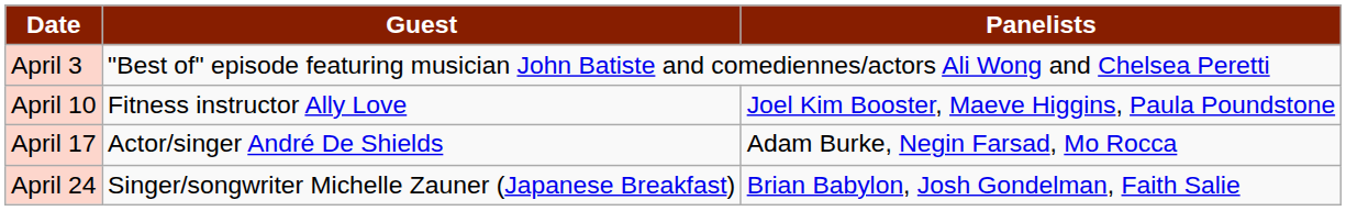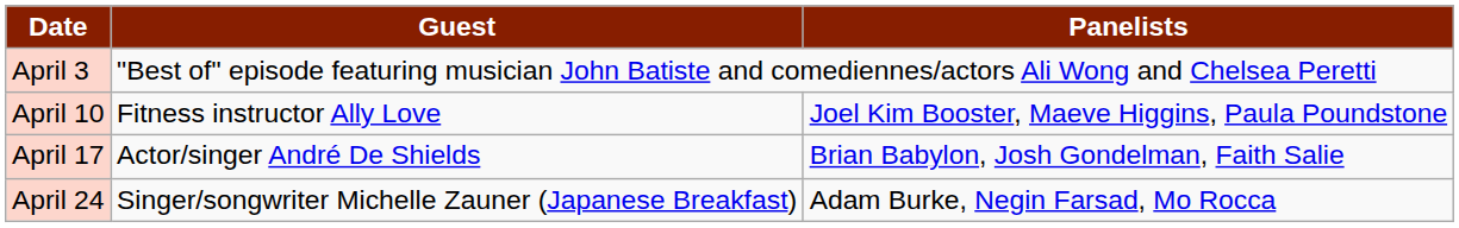 <table class="wikitable">
 <tr>
 <th style="background:#871E00;color:#FFFFFF;">Date</th>
 <th style="background:#871E00;color:#FFFFFF;">Guest</th>
 <th style="background:#871E00;color:#FFFFFF;">Panelists</th>
 </tr>
 <tr>
 <td style="background:#FDD6CC;color:#000000;">April 3</td>
 <td colspan=2>"Best of" episode featuring musician <a href='#'>John Batiste</a> and comediennes/actors <a href='#'>Ali Wong</a> and <a href='#'>Chelsea Peretti</a></td>
 </tr>
 <tr>
 <td style="background:#FDD6CC;color:#000000;">April 10</td>
 <td>Fitness instructor <a href='#'>Ally Love</a></td>
 <td><a href='#'>Joel Kim Booster</a>, <a href='#'>Maeve Higgins</a>, <a href='#'>Paula Poundstone</a></td>
 </tr>
 <tr>
 <td style="background:#FDD6CC;color:#000000;">April 17</td>
 <td>Actor/singer <a href='#'>André De Shields</a></td>
-<td>Adam Burke, <a href='#'>Negin Farsad</a>, <a href='#'>Mo Rocca</a></td>
+<td><a href='#'>Brian Babylon</a>, <a href='#'>Josh Gondelman</a>, <a href='#'>Faith Salie</a></td>
 </tr>
 <tr>
 <td style="background:#FDD6CC;color:#000000;">April 24</td>
 <td>Singer/songwriter Michelle Zauner (<a href='#'>Japanese Breakfast</a>)</td>
-<td><a href='#'>Brian Babylon</a>, <a href='#'>Josh Gondelman</a>, <a href='#'>Faith Salie</a></td>
+<td>Adam Burke, <a href='#'>Negin Farsad</a>, <a href='#'>Mo Rocca</a></td>
 </tr>
 </table>
